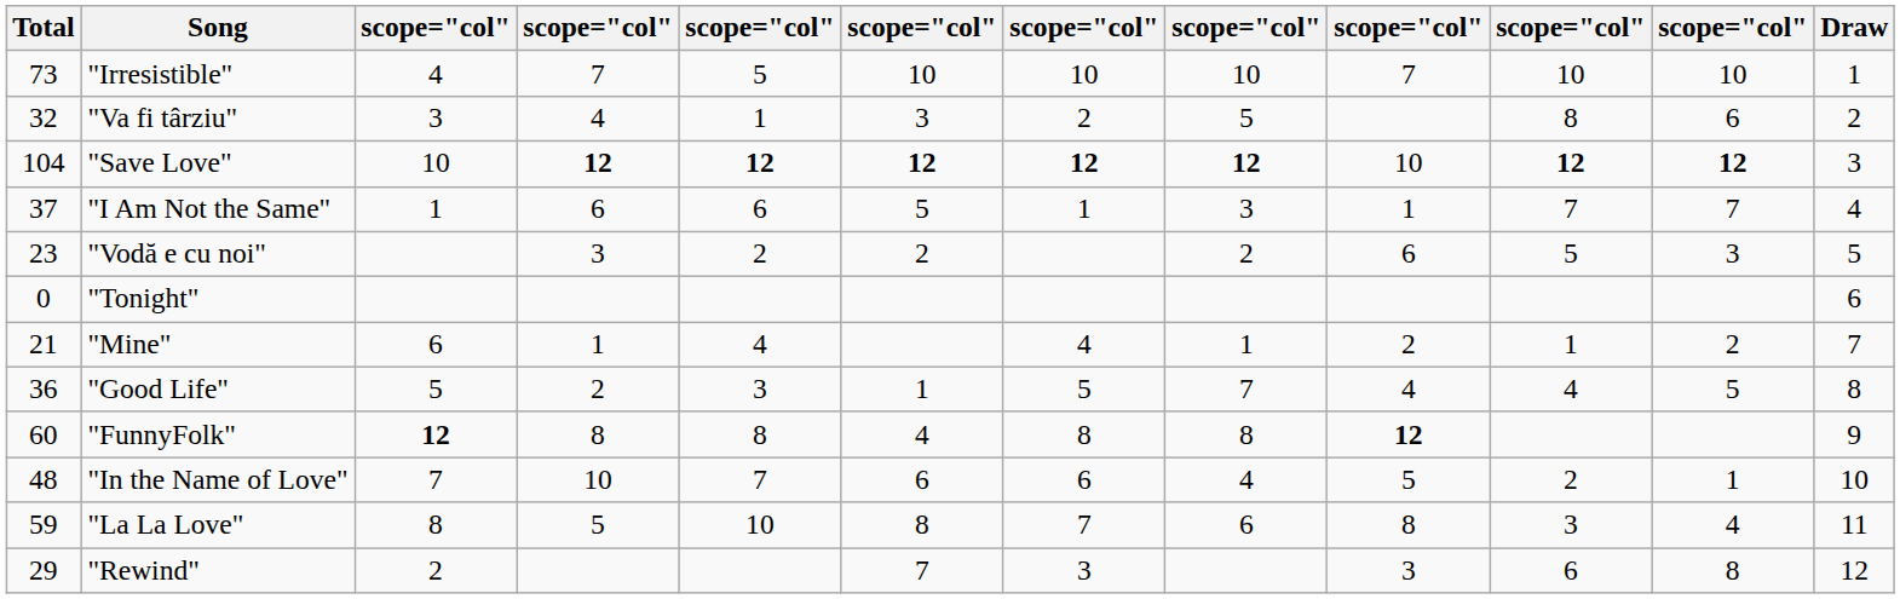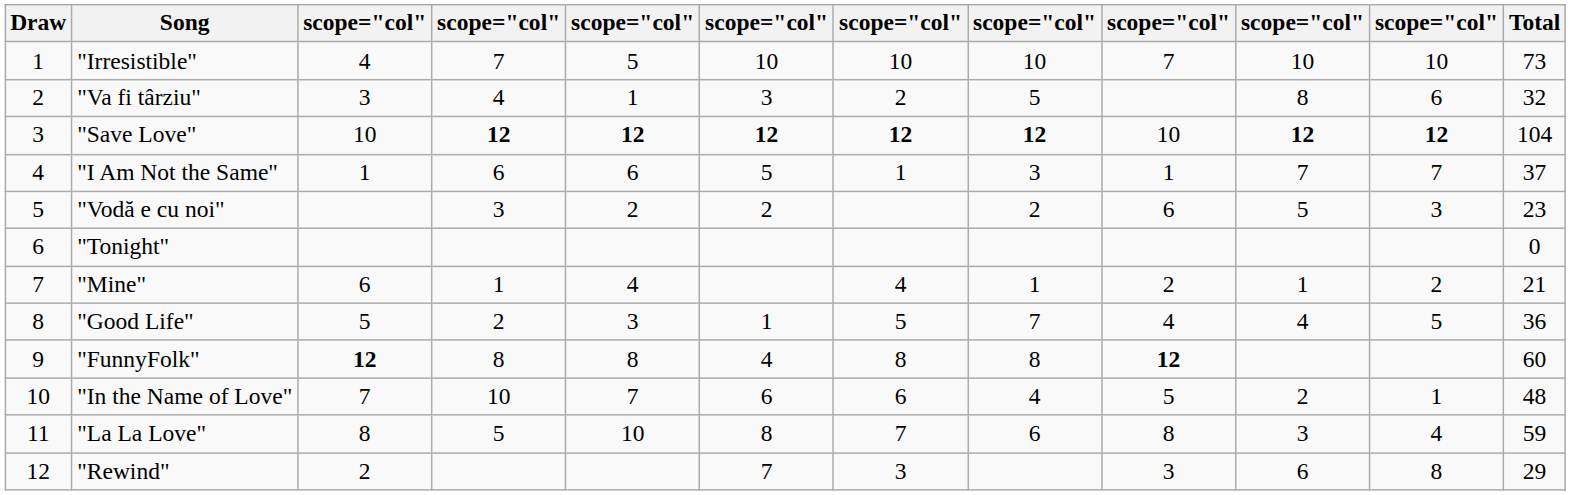 <table class="wikitable collapsible" style="margin: 1em auto 1em auto; text-align:center;">
 <tr>
-<th>Total</th>
+<th>Draw</th>
 <th>Song</th>
 <th>scope="col" </th>
 <th>scope="col" </th>
 <th>scope="col" </th>
 <th>scope="col" </th>
 <th>scope="col" </th>
 <th>scope="col" </th>
 <th>scope="col" </th>
 <th>scope="col" </th>
 <th>scope="col" </th>
-<th>Draw</th>
+<th>Total</th>
 </tr>
 <tr>
-<td>73</td>
+<td>1</td>
 <td align="left">"Irresistible"</td>
 <td>4</td>
 <td>7</td>
 <td>5</td>
 <td>10</td>
 <td>10</td>
 <td>10</td>
 <td>7</td>
 <td>10</td>
 <td>10</td>
-<td>1</td>
+<td>73</td>
 </tr>
 <tr>
-<td>32</td>
+<td>2</td>
 <td align="left">"Va fi târziu"</td>
 <td>3</td>
 <td>4</td>
 <td>1</td>
 <td>3</td>
 <td>2</td>
 <td>5</td>
 <td></td>
 <td>8</td>
 <td>6</td>
-<td>2</td>
+<td>32</td>
 </tr>
 <tr>
-<td>104</td>
+<td>3</td>
 <td align="left">"Save Love"</td>
 <td>10</td>
 <td><strong>12</strong></td>
 <td><strong>12</strong></td>
 <td><strong>12</strong></td>
 <td><strong>12</strong></td>
 <td><strong>12</strong></td>
 <td>10</td>
 <td><strong>12</strong></td>
 <td><strong>12</strong></td>
-<td>3</td>
+<td>104</td>
 </tr>
 <tr>
-<td>37</td>
+<td>4</td>
 <td align="left">"I Am Not the Same"</td>
 <td>1</td>
 <td>6</td>
 <td>6</td>
 <td>5</td>
 <td>1</td>
 <td>3</td>
 <td>1</td>
 <td>7</td>
 <td>7</td>
-<td>4</td>
+<td>37</td>
 </tr>
 <tr>
-<td>23</td>
+<td>5</td>
 <td align="left">"Vodă e cu noi"</td>
 <td></td>
 <td>3</td>
 <td>2</td>
 <td>2</td>
 <td></td>
 <td>2</td>
 <td>6</td>
 <td>5</td>
 <td>3</td>
-<td>5</td>
+<td>23</td>
 </tr>
 <tr>
-<td>0</td>
+<td>6</td>
 <td align="left">"Tonight"</td>
 <td></td>
 <td></td>
 <td></td>
 <td></td>
 <td></td>
 <td></td>
 <td></td>
 <td></td>
 <td></td>
-<td>6</td>
+<td>0</td>
 </tr>
 <tr>
-<td>21</td>
+<td>7</td>
 <td align="left">"Mine"</td>
 <td>6</td>
 <td>1</td>
 <td>4</td>
 <td></td>
 <td>4</td>
 <td>1</td>
 <td>2</td>
 <td>1</td>
 <td>2</td>
-<td>7</td>
+<td>21</td>
 </tr>
 <tr>
-<td>36</td>
+<td>8</td>
 <td align="left">"Good Life"</td>
 <td>5</td>
 <td>2</td>
 <td>3</td>
 <td>1</td>
 <td>5</td>
 <td>7</td>
 <td>4</td>
 <td>4</td>
 <td>5</td>
-<td>8</td>
+<td>36</td>
 </tr>
 <tr>
-<td>60</td>
+<td>9</td>
 <td align="left">"FunnyFolk"</td>
 <td><strong>12</strong></td>
 <td>8</td>
 <td>8</td>
 <td>4</td>
 <td>8</td>
 <td>8</td>
 <td><strong>12</strong></td>
 <td></td>
 <td></td>
-<td>9</td>
+<td>60</td>
 </tr>
 <tr>
-<td>48</td>
+<td>10</td>
 <td align="left">"In the Name of Love"</td>
 <td>7</td>
 <td>10</td>
 <td>7</td>
 <td>6</td>
 <td>6</td>
 <td>4</td>
 <td>5</td>
 <td>2</td>
 <td>1</td>
-<td>10</td>
+<td>48</td>
 </tr>
 <tr>
-<td>59</td>
+<td>11</td>
 <td align="left">"La La Love"</td>
 <td>8</td>
 <td>5</td>
 <td>10</td>
 <td>8</td>
 <td>7</td>
 <td>6</td>
 <td>8</td>
 <td>3</td>
 <td>4</td>
-<td>11</td>
+<td>59</td>
 </tr>
 <tr>
-<td>29</td>
+<td>12</td>
 <td align="left">"Rewind"</td>
 <td>2</td>
 <td></td>
 <td></td>
 <td>7</td>
 <td>3</td>
 <td></td>
 <td>3</td>
 <td>6</td>
 <td>8</td>
-<td>12</td>
+<td>29</td>
 </tr>
 </table>
